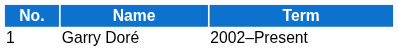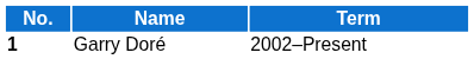 <table class="toccolours" style="width:25em">
 <tr>
 <th style="background:#0D72CE;color:white;border:#0D72CE 1px solid">No.</th>
 <th style="background:#0D72CE;color:white;border:#0D72CE 1px solid">Name</th>
 <th style="background:#0D72CE;color:white;border:#0D72CE 1px solid">Term</th>
 </tr>
 <tr>
-<td>1</td>
+<td><strong>1</strong></td>
 <td> Garry Doré</td>
 <td>2002–Present</td>
 </tr>
 <tr>
 </tr>
 </table>
